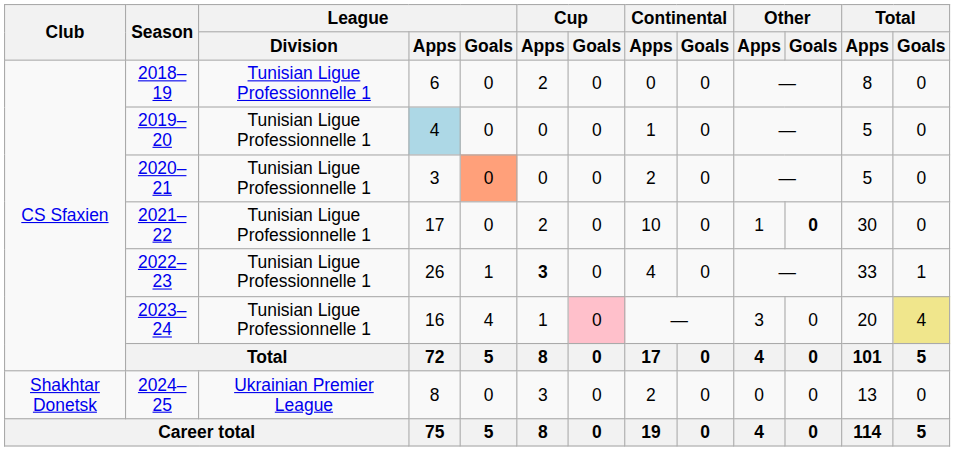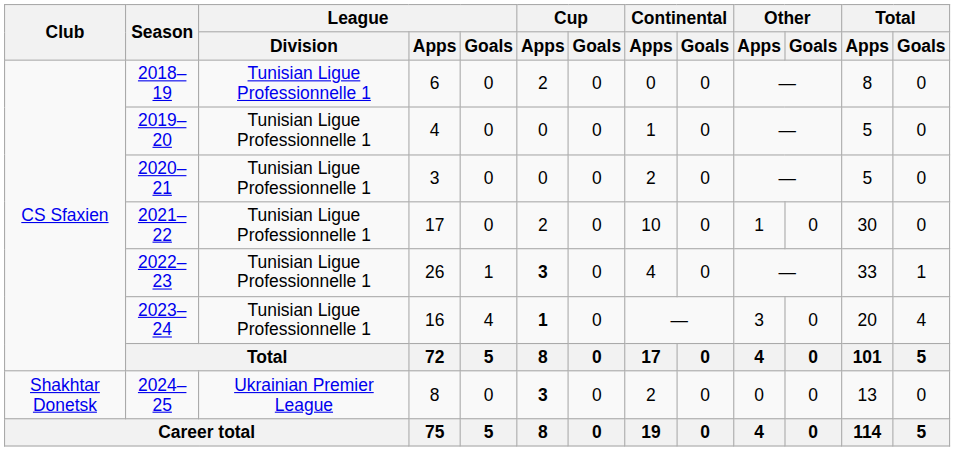 <table class="wikitable" style="text-align: center;">
 <tr>
 <th rowspan=2>Club</th>
 <th rowspan=2>Season</th>
 <th colspan=3>League</th>
 <th colspan=2>Cup</th>
 <th colspan=2>Continental</th>
 <th colspan=2>Other</th>
 <th colspan=2>Total</th>
 </tr>
 <tr>
 <th>Division</th>
 <th>Apps</th>
 <th>Goals</th>
 <th>Apps</th>
 <th>Goals</th>
 <th>Apps</th>
 <th>Goals</th>
 <th>Apps</th>
 <th>Goals</th>
 <th>Apps</th>
 <th>Goals</th>
 </tr>
 <tr>
 <td rowspan="7"><a href='#'>CS Sfaxien</a></td>
 <td><a href='#'>2018–19</a></td>
 <td><a href='#'>Tunisian Ligue Professionnelle 1</a></td>
 <td>6</td>
 <td>0</td>
 <td>2</td>
 <td>0</td>
 <td>0</td>
 <td>0</td>
 <td colspan="2">—</td>
 <td>8</td>
 <td>0</td>
 </tr>
 <tr>
 <td><a href='#'>2019–20</a></td>
 <td>Tunisian Ligue Professionnelle 1</td>
-<td style="background: lightblue;">4</td>
+<td>4</td>
 <td>0</td>
 <td>0</td>
 <td>0</td>
 <td>1</td>
 <td>0</td>
 <td colspan="2">—</td>
 <td>5</td>
 <td>0</td>
 </tr>
 <tr>
 <td><a href='#'>2020–21</a></td>
 <td>Tunisian Ligue Professionnelle 1</td>
 <td>3</td>
-<td style="background: lightsalmon;">0</td>
+<td>0</td>
 <td>0</td>
 <td>0</td>
 <td>2</td>
 <td>0</td>
 <td colspan="2">—</td>
 <td>5</td>
 <td>0</td>
 </tr>
 <tr>
 <td><a href='#'>2021–22</a></td>
 <td>Tunisian Ligue Professionnelle 1</td>
 <td>17</td>
 <td>0</td>
 <td>2</td>
 <td>0</td>
 <td>10</td>
 <td>0</td>
 <td>1</td>
-<td><strong>0</strong></td>
+<td>0</td>
 <td>30</td>
 <td>0</td>
 </tr>
 <tr>
 <td><a href='#'>2022–23</a></td>
 <td>Tunisian Ligue Professionnelle 1</td>
 <td>26</td>
 <td>1</td>
 <td><strong>3</strong></td>
 <td>0</td>
 <td>4</td>
 <td>0</td>
 <td colspan="2">—</td>
 <td>33</td>
 <td>1</td>
 </tr>
 <tr>
 <td><a href='#'>2023–24</a></td>
 <td>Tunisian Ligue Professionnelle 1</td>
 <td>16</td>
 <td>4</td>
-<td>1</td>
-<td style="background: pink;">0</td>
+<td><strong>1</strong></td>
+<td>0</td>
 <td colspan="2">—</td>
 <td>3</td>
 <td>0</td>
 <td>20</td>
-<td style="background: khaki;">4</td>
+<td>4</td>
 </tr>
 <tr>
 <th colspan="2">Total</th>
 <th>72</th>
 <th>5</th>
 <th>8</th>
 <th>0</th>
 <th>17</th>
 <th>0</th>
 <th>4</th>
 <th>0</th>
 <th>101</th>
 <th>5</th>
 </tr>
 <tr>
 <td><a href='#'>Shakhtar Donetsk</a></td>
 <td><a href='#'>2024–25</a></td>
 <td><a href='#'>Ukrainian Premier League</a></td>
 <td>8</td>
 <td>0</td>
-<td>3</td>
+<td><strong>3</strong></td>
 <td>0</td>
 <td>2</td>
 <td>0</td>
 <td>0</td>
 <td>0</td>
 <td>13</td>
 <td>0</td>
 </tr>
 <tr>
 <th colspan="3">Career total</th>
 <th>75</th>
 <th>5</th>
 <th>8</th>
 <th>0</th>
 <th>19</th>
 <th>0</th>
 <th>4</th>
 <th>0</th>
 <th>114</th>
 <th>5</th>
 </tr>
 </table>
